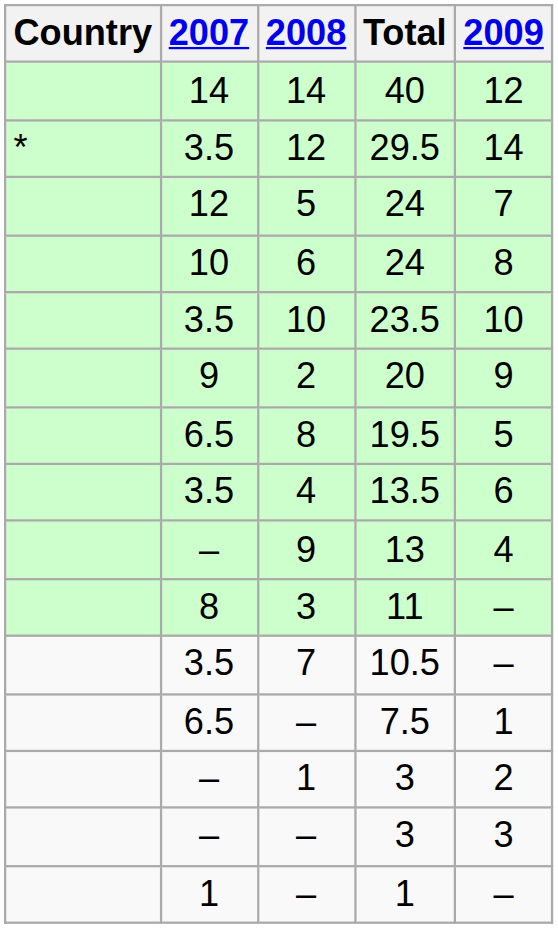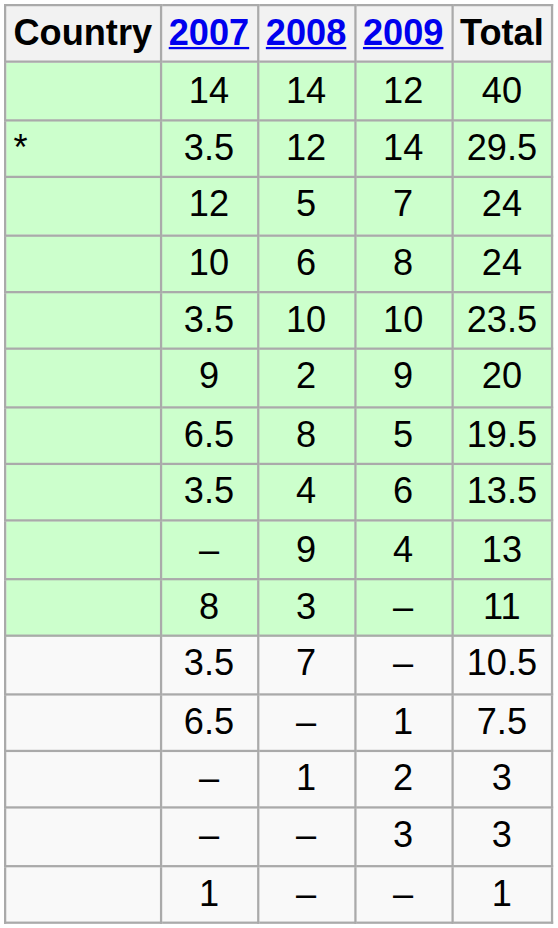 <table class="wikitable" style="text-align:center">
 <tr>
 <th>Country</th>
 <th><a href='#'>2007</a></th>
 <th><a href='#'>2008</a></th>
+<th><a href='#'>2009</a></th>
 <th>Total</th>
-<th><a href='#'>2009</a></th>
 </tr>
 <tr style="background:#cfc;">
 <td style="text-align:left;"></td>
 <td>14</td>
 <td>14</td>
+<td>12</td>
 <td>40</td>
-<td>12</td>
 </tr>
 <tr style="background:#cfc;">
 <td style="text-align:left;">*</td>
 <td>3.5</td>
 <td>12</td>
+<td>14</td>
 <td>29.5</td>
-<td>14</td>
 </tr>
 <tr style="background:#cfc;">
 <td style="text-align:left;"></td>
 <td>12</td>
 <td>5</td>
+<td>7</td>
 <td>24</td>
-<td>7</td>
 </tr>
 <tr style="background:#cfc;">
 <td style="text-align:left;"></td>
 <td>10</td>
 <td>6</td>
+<td>8</td>
 <td>24</td>
-<td>8</td>
 </tr>
 <tr style="background:#cfc;">
 <td style="text-align:left;"></td>
 <td>3.5</td>
 <td>10</td>
+<td>10</td>
 <td>23.5</td>
-<td>10</td>
 </tr>
 <tr style="background:#cfc;">
 <td style="text-align:left;"></td>
 <td>9</td>
 <td>2</td>
+<td>9</td>
 <td>20</td>
-<td>9</td>
 </tr>
 <tr style="background:#cfc;">
 <td style="text-align:left;"></td>
 <td>6.5</td>
 <td>8</td>
+<td>5</td>
 <td>19.5</td>
-<td>5</td>
 </tr>
 <tr style="background:#cfc;">
 <td style="text-align:left;"></td>
 <td>3.5</td>
 <td>4</td>
+<td>6</td>
 <td>13.5</td>
-<td>6</td>
 </tr>
 <tr style="background:#cfc;">
 <td style="text-align:left;"></td>
 <td>–</td>
 <td>9</td>
+<td>4</td>
 <td>13</td>
-<td>4</td>
 </tr>
 <tr style="background:#cfc;">
 <td style="text-align:left;"></td>
 <td>8</td>
 <td>3</td>
+<td>–</td>
 <td>11</td>
-<td>–</td>
 </tr>
 <tr>
 <td style="text-align:left;"></td>
 <td>3.5</td>
 <td>7</td>
+<td>–</td>
 <td>10.5</td>
-<td>–</td>
 </tr>
 <tr>
 <td style="text-align:left;"></td>
 <td>6.5</td>
 <td>–</td>
+<td>1</td>
 <td>7.5</td>
-<td>1</td>
 </tr>
 <tr>
 <td style="text-align:left;"></td>
 <td>–</td>
 <td>1</td>
+<td>2</td>
 <td>3</td>
-<td>2</td>
 </tr>
 <tr>
 <td style="text-align:left;"></td>
 <td>–</td>
 <td>–</td>
 <td>3</td>
 <td>3</td>
 </tr>
 <tr>
 <td style="text-align:left;"></td>
 <td>1</td>
 <td>–</td>
+<td>–</td>
 <td>1</td>
-<td>–</td>
 </tr>
 </table>
